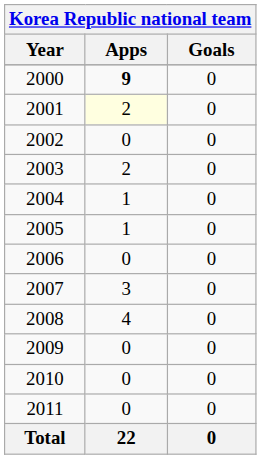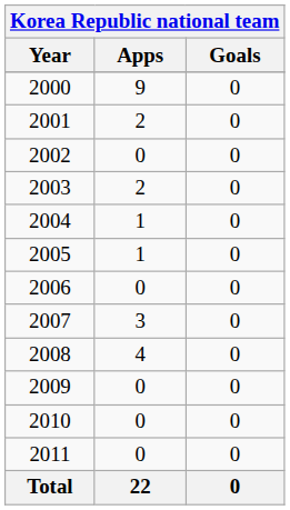 <table class="wikitable" style="text-align:center">
 <tr>
 <th colspan=3><a href='#'>Korea Republic national team</a></th>
 </tr>
 <tr>
 <th>Year</th>
 <th>Apps</th>
 <th>Goals</th>
 </tr>
 <tr>
 </tr>
 <tr>
 <td>2000</td>
-<td><strong>9</strong></td>
+<td>9</td>
 <td>0</td>
 </tr>
 <tr>
 <td>2001</td>
-<td style="background: lightyellow;">2</td>
+<td>2</td>
 <td>0</td>
 </tr>
 <tr>
 <td>2002</td>
 <td>0</td>
 <td>0</td>
 </tr>
 <tr>
 <td>2003</td>
 <td>2</td>
 <td>0</td>
 </tr>
 <tr>
 <td>2004</td>
 <td>1</td>
 <td>0</td>
 </tr>
 <tr>
 <td>2005</td>
 <td>1</td>
 <td>0</td>
 </tr>
 <tr>
 <td>2006</td>
 <td>0</td>
 <td>0</td>
 </tr>
 <tr>
 <td>2007</td>
 <td>3</td>
 <td>0</td>
 </tr>
 <tr>
 <td>2008</td>
 <td>4</td>
 <td>0</td>
 </tr>
 <tr>
 <td>2009</td>
 <td>0</td>
 <td>0</td>
 </tr>
 <tr>
 <td>2010</td>
 <td>0</td>
 <td>0</td>
 </tr>
 <tr>
 <td>2011</td>
 <td>0</td>
 <td>0</td>
 </tr>
 <tr>
 <th>Total</th>
 <th>22</th>
 <th>0</th>
 </tr>
 </table>
